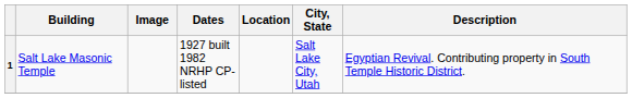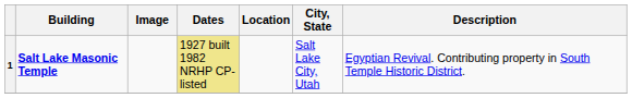 <table class="wikitable sortable" style="width:98%">
 <tr>
 <th></th>
 <th width = 18%><strong>Building</strong></th>
 <th width = 8% class="unsortable"><strong>Image</strong></th>
 <th width = 10%><strong>Dates</strong></th>
 <th><strong>Location</strong></th>
 <th width = 8%><strong>City, State</strong></th>
 <th class="unsortable"><strong>Description</strong></th>
 </tr>
 <tr ->
 <th><small>1</small></th>
-<td><a href='#'>Salt Lake Masonic Temple</a></td>
+<td><strong><a href='#'>Salt Lake Masonic Temple</a></strong></td>
 <td></td>
-<td>1927 built<br>1982 NRHP CP-listed</td>
+<td style="background: khaki;">1927 built<br>1982 NRHP CP-listed</td>
 <td><br><small></small></td>
 <td><a href='#'>Salt Lake City, Utah</a></td>
 <td><a href='#'>Egyptian Revival</a>.  Contributing property in <a href='#'>South Temple Historic District</a>.</td>
 </tr>
 <tr ->
 </tr>
 </table>
